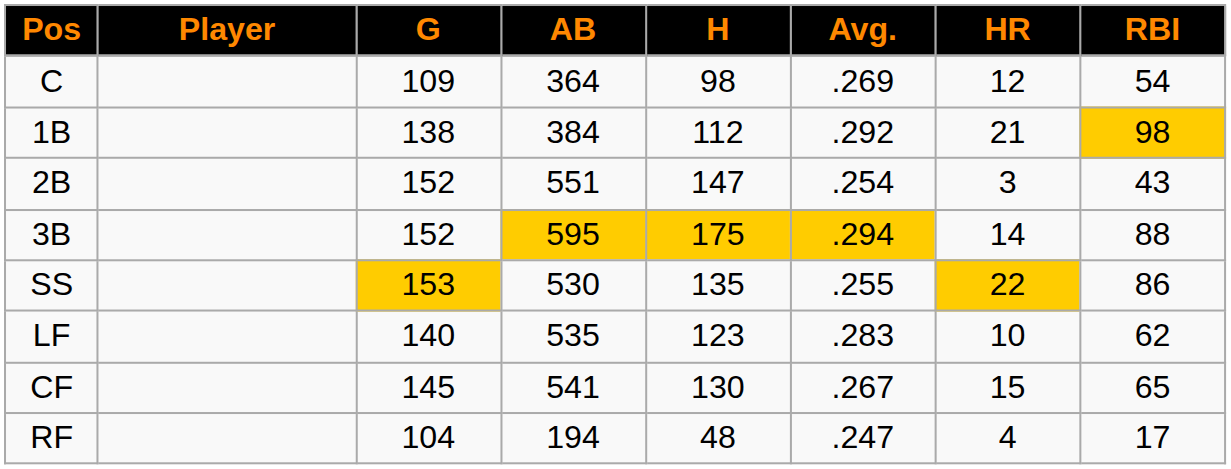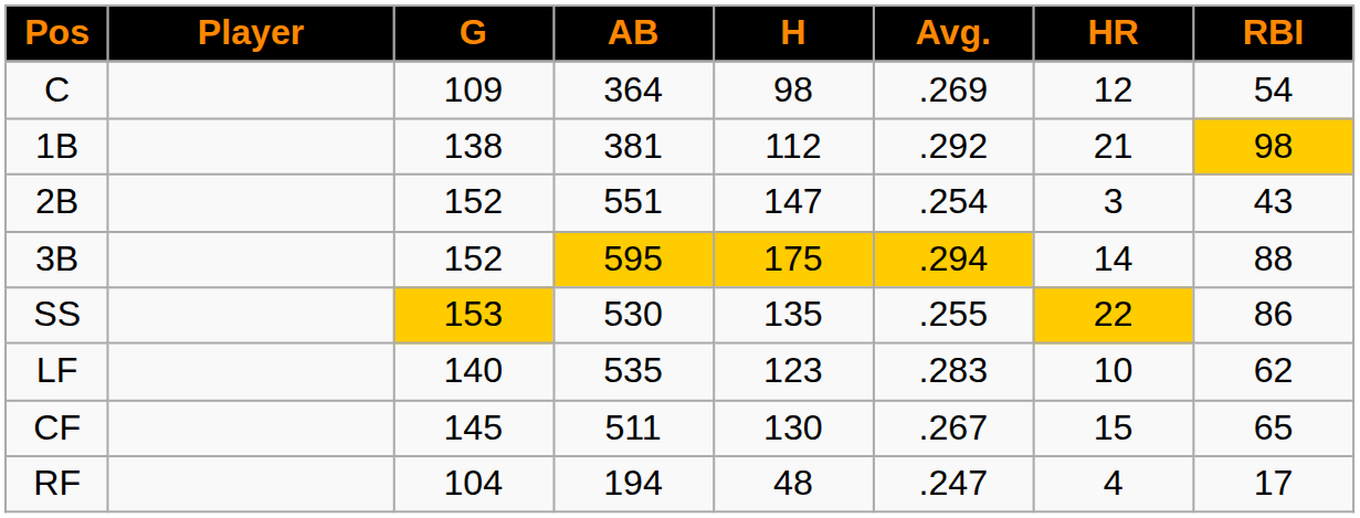 <table class="wikitable sortable">
 <tr>
 <th style="background:black;color:#FF8800;" width="5%">Pos</th>
 <th style="background:black;color:#FF8800;" width="16%">Player</th>
 <th style="background:black;color:#FF8800;" width="9%">G</th>
 <th style="background:black;color:#FF8800;" width="9%">AB</th>
 <th style="background:black;color:#FF8800;" width="9%">H</th>
 <th style="background:black;color:#FF8800;" width="9%">Avg.</th>
 <th style="background:black;color:#FF8800;" width="9%">HR</th>
 <th style="background:black;color:#FF8800;" width="9%">RBI</th>
 </tr>
 <tr align="center">
 <td>C</td>
 <td></td>
 <td>109</td>
 <td>364</td>
 <td>98</td>
 <td>.269</td>
 <td>12</td>
 <td>54</td>
 </tr>
 <tr align="center">
 <td>1B</td>
 <td></td>
 <td>138</td>
-<td>384</td>
+<td>381</td>
 <td>112</td>
 <td>.292</td>
 <td>21</td>
 <td style="background:#fc0;">98</td>
 </tr>
 <tr align="center">
 <td>2B</td>
 <td></td>
 <td>152</td>
 <td>551</td>
 <td>147</td>
 <td>.254</td>
 <td>3</td>
 <td>43</td>
 </tr>
 <tr align="center">
 <td>3B</td>
 <td></td>
 <td>152</td>
 <td style="background:#fc0;">595</td>
 <td style="background:#fc0;">175</td>
 <td style="background:#fc0;">.294</td>
 <td>14</td>
 <td>88</td>
 </tr>
 <tr align="center">
 <td>SS</td>
 <td></td>
 <td style="background:#fc0;">153</td>
 <td>530</td>
 <td>135</td>
 <td>.255</td>
 <td style="background:#fc0;">22</td>
 <td>86</td>
 </tr>
 <tr align="center">
 <td>LF</td>
 <td></td>
 <td>140</td>
 <td>535</td>
 <td>123</td>
 <td>.283</td>
 <td>10</td>
 <td>62</td>
 </tr>
 <tr align="center">
 <td>CF</td>
 <td></td>
 <td>145</td>
-<td>541</td>
+<td>511</td>
 <td>130</td>
 <td>.267</td>
 <td>15</td>
 <td>65</td>
 </tr>
 <tr align="center">
 <td>RF</td>
 <td></td>
 <td>104</td>
 <td>194</td>
 <td>48</td>
 <td>.247</td>
 <td>4</td>
 <td>17</td>
 </tr>
 </table>
